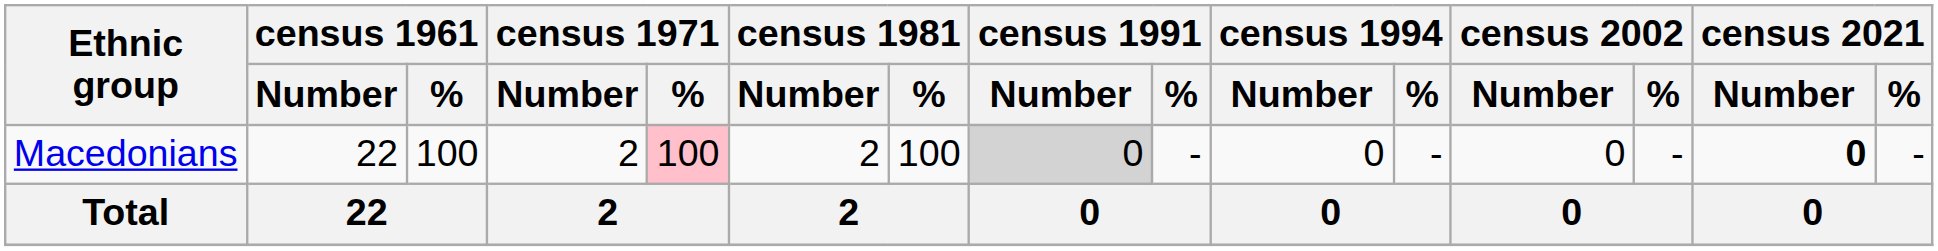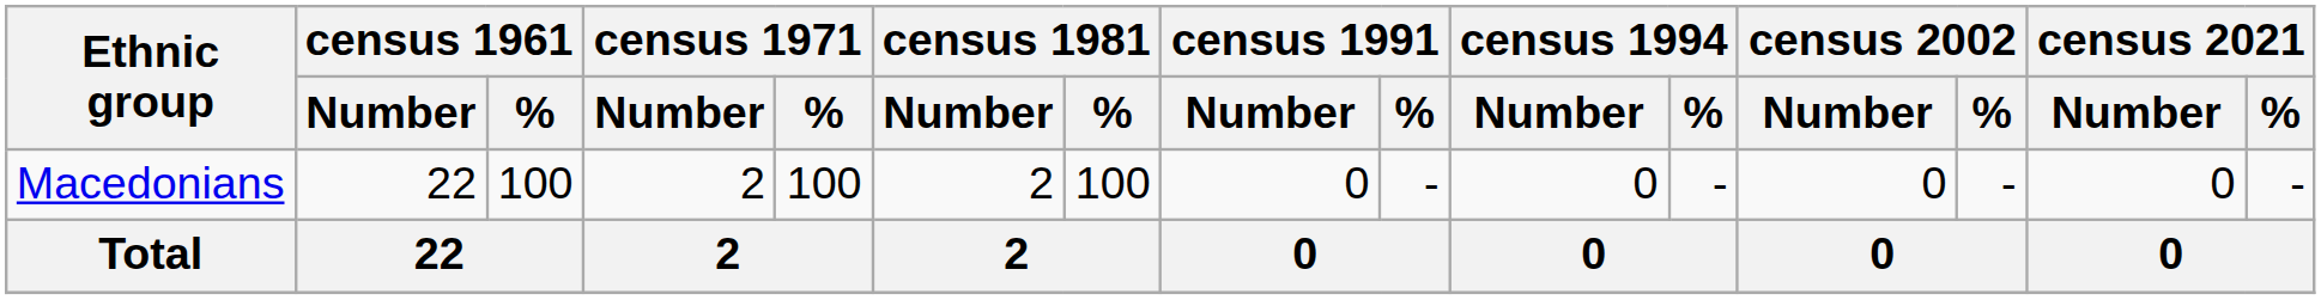 <table class="wikitable">
 <tr>
 <th rowspan="2">Ethnic<br>group</th>
 <th colspan="2">census 1961</th>
 <th colspan="2">census 1971</th>
 <th colspan="2">census 1981</th>
 <th colspan="2">census 1991</th>
 <th colspan="2">census 1994</th>
 <th colspan="2">census 2002</th>
 <th colspan="2">census 2021</th>
 </tr>
 <tr bgcolor="#e0e0e0">
 <th>Number</th>
 <th>%</th>
 <th>Number</th>
 <th>%</th>
 <th>Number</th>
 <th>%</th>
 <th>Number</th>
 <th>%</th>
 <th>Number</th>
 <th>%</th>
 <th>Number</th>
 <th>%</th>
 <th>Number</th>
 <th>%</th>
 </tr>
 <tr>
 <td><a href='#'>Macedonians</a></td>
 <td align="right">22</td>
 <td align="right">100</td>
 <td align="right">2</td>
-<td align="right" style="background: pink;">100</td>
+<td align="right">100</td>
 <td align="right">2</td>
 <td align="right">100</td>
-<td align="right" style="background: lightgrey;">0</td>
+<td align="right">0</td>
 <td align="right">-</td>
 <td align="right">0</td>
 <td align="right">-</td>
 <td align="right">0</td>
 <td align="right">-</td>
-<td align="right"><strong>0</strong></td>
+<td align="right">0</td>
 <td align="right">-</td>
 </tr>
 <tr bgcolor="#e0e0e0">
 <th align="left">Total</th>
 <th colspan="2">22</th>
 <th colspan="2">2</th>
 <th colspan="2">2</th>
 <th colspan="2">0</th>
 <th colspan="2">0</th>
 <th colspan="2">0</th>
 <th colspan="2">0</th>
 </tr>
 <tr>
 </tr>
 </table>
